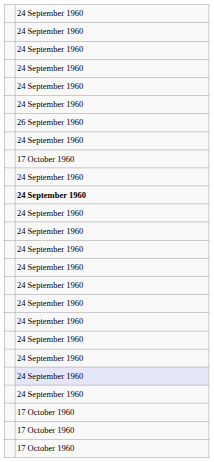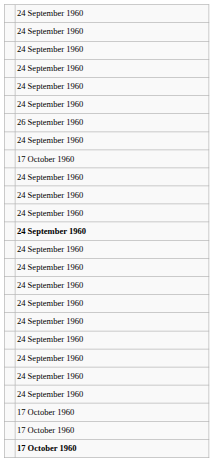 <table class="wikitable" style="font-size: 89%; float: left; width: 24em; margin-right: 1em; line-height: 1.65em">
 <tr>
 <td></td>
 <td>24 September 1960</td>
 </tr>
 <tr>
 <td></td>
 <td>24 September 1960</td>
 </tr>
 <tr>
 <td></td>
 <td>24 September 1960</td>
 </tr>
 <tr>
 <td></td>
 <td>24 September 1960</td>
 </tr>
 <tr>
 <td></td>
 <td>24 September 1960</td>
 </tr>
 <tr>
 <td></td>
 <td>24 September 1960</td>
 </tr>
 <tr>
 <td></td>
 <td>26 September 1960</td>
 </tr>
 <tr>
 <td></td>
 <td>24 September 1960</td>
 </tr>
 <tr>
 <td></td>
 <td>17 October 1960</td>
+</tr>
+<tr>
+<td></td>
+<td>24 September 1960</td>
+</tr>
+<tr>
+<td></td>
+<td>24 September 1960</td>
 </tr>
 <tr>
 <td></td>
 <td>24 September 1960</td>
 </tr>
 <tr>
 <td></td>
 <td><strong>24 September 1960</strong></td>
 </tr>
 <tr>
 <td></td>
 <td>24 September 1960</td>
 </tr>
 <tr>
 <td></td>
 <td>24 September 1960</td>
 </tr>
 <tr>
 <td></td>
 <td>24 September 1960</td>
 </tr>
 <tr>
 <td></td>
 <td>24 September 1960</td>
 </tr>
 <tr>
 <td></td>
 <td>24 September 1960</td>
 </tr>
 <tr>
 <td></td>
 <td>24 September 1960</td>
 </tr>
 <tr>
 <td></td>
 <td>24 September 1960</td>
 </tr>
 <tr>
 <td></td>
 <td>24 September 1960</td>
 </tr>
 <tr>
 <td></td>
 <td>24 September 1960</td>
 </tr>
 <tr>
 <td></td>
-<td style="background: lavender;">24 September 1960</td>
-</tr>
-<tr>
-<td></td>
-<td>24 September 1960</td>
-</tr>
-<tr>
-<td></td>
 <td>17 October 1960</td>
 </tr>
 <tr>
 <td></td>
 <td>17 October 1960</td>
 </tr>
 <tr>
 <td></td>
-<td>17 October 1960</td>
+<td><strong>17 October 1960</strong></td>
 </tr>
 </table>
